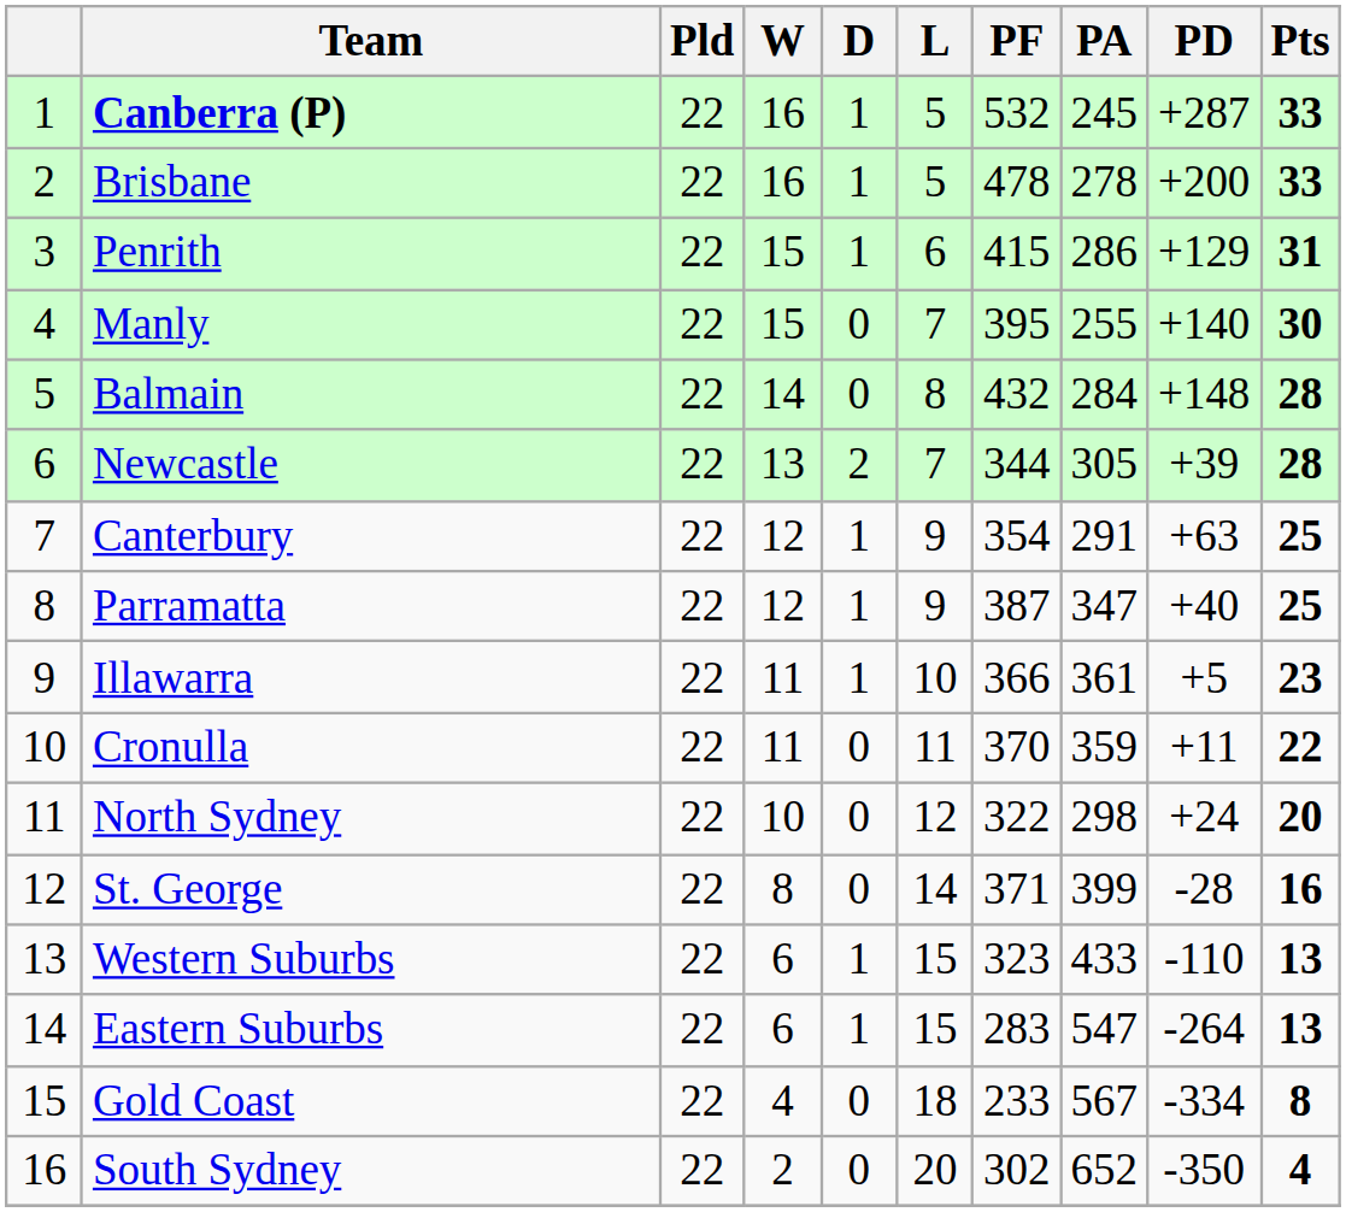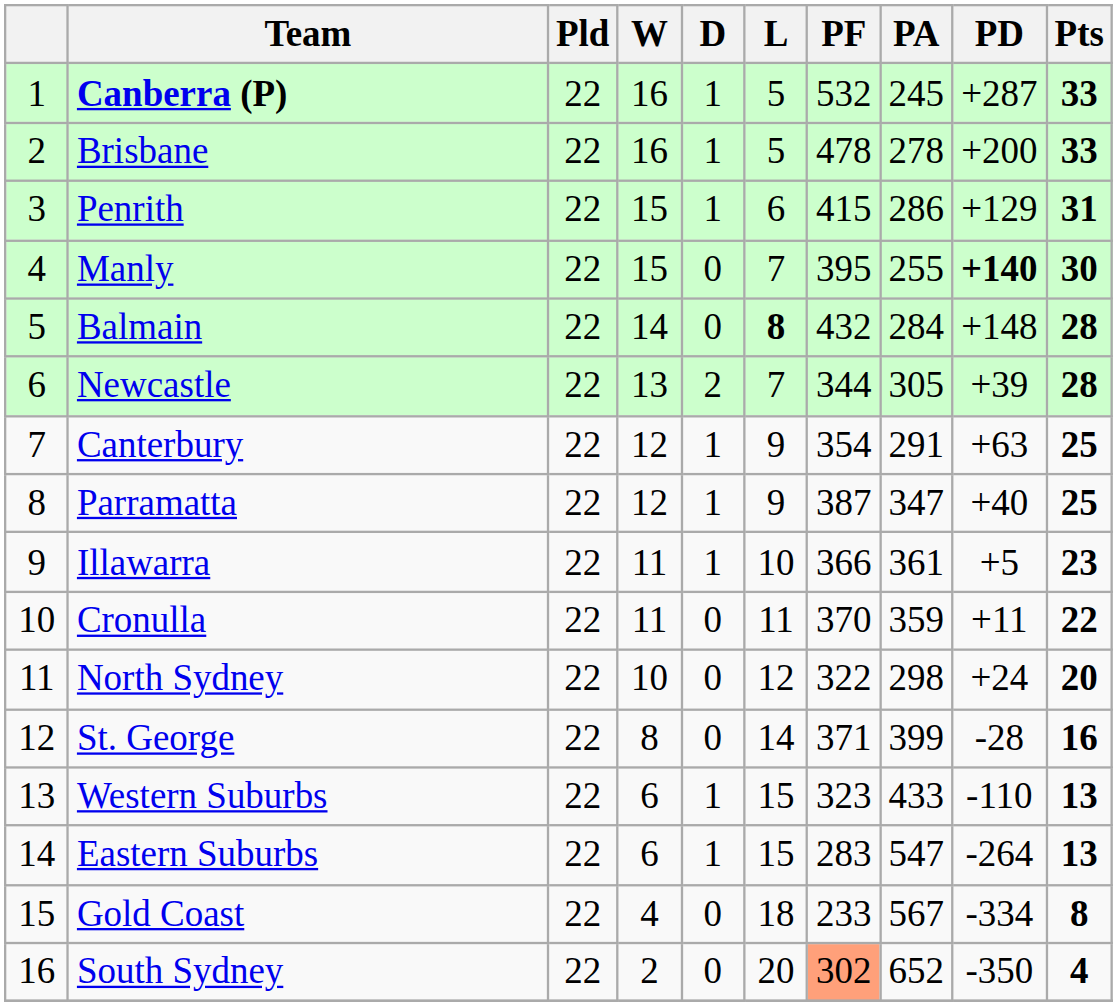 <table class="wikitable" style="text-align:center;">
 <tr>
 <th width=20 abbr="Position×"></th>
 <th width=200>Team</th>
 <th width=20 abbr="Played">Pld</th>
 <th width=20 abbr="Won">W</th>
 <th width=20 abbr="Drawn">D</th>
 <th width=20 abbr="Lost">L</th>
 <th width=20 abbr="Points for">PF</th>
 <th width=20 abbr="Points against">PA</th>
 <th width=20 abbr="Points difference">PD</th>
 <th width=20 abbr="Points">Pts</th>
 </tr>
 <tr style="background: #ccffcc;">
 <td>1</td>
 <td style="text-align:left;"> <strong><a href='#'>Canberra</a> (P)</strong></td>
 <td>22</td>
 <td>16</td>
 <td>1</td>
 <td>5</td>
 <td>532</td>
 <td>245</td>
 <td>+287</td>
 <td><strong>33</strong></td>
 </tr>
 <tr style="background: #ccffcc;">
 <td>2</td>
 <td style="text-align:left;"> <a href='#'>Brisbane</a></td>
 <td>22</td>
 <td>16</td>
 <td>1</td>
 <td>5</td>
 <td>478</td>
 <td>278</td>
 <td>+200</td>
 <td><strong>33</strong></td>
 </tr>
 <tr style="background: #ccffcc;">
 <td>3</td>
 <td style="text-align:left;"> <a href='#'>Penrith</a></td>
 <td>22</td>
 <td>15</td>
 <td>1</td>
 <td>6</td>
 <td>415</td>
 <td>286</td>
 <td>+129</td>
 <td><strong>31</strong></td>
 </tr>
 <tr style="background: #ccffcc;">
 <td>4</td>
 <td style="text-align:left;"> <a href='#'>Manly</a></td>
 <td>22</td>
 <td>15</td>
 <td>0</td>
 <td>7</td>
 <td>395</td>
 <td>255</td>
-<td>+140</td>
+<td><strong>+140</strong></td>
 <td><strong>30</strong></td>
 </tr>
 <tr style="background: #ccffcc;">
 <td>5</td>
 <td style="text-align:left;"> <a href='#'>Balmain</a></td>
 <td>22</td>
 <td>14</td>
 <td>0</td>
-<td>8</td>
+<td><strong>8</strong></td>
 <td>432</td>
 <td>284</td>
 <td>+148</td>
 <td><strong>28</strong></td>
 </tr>
 <tr style="background: #ccffcc;">
 <td>6</td>
 <td style="text-align:left;"> <a href='#'>Newcastle</a></td>
 <td>22</td>
 <td>13</td>
 <td>2</td>
 <td>7</td>
 <td>344</td>
 <td>305</td>
 <td>+39</td>
 <td><strong>28</strong></td>
 </tr>
 <tr>
 <td>7</td>
 <td style="text-align:left;"> <a href='#'>Canterbury</a></td>
 <td>22</td>
 <td>12</td>
 <td>1</td>
 <td>9</td>
 <td>354</td>
 <td>291</td>
 <td>+63</td>
 <td><strong>25</strong></td>
 </tr>
 <tr>
 <td>8</td>
 <td style="text-align:left;"> <a href='#'>Parramatta</a></td>
 <td>22</td>
 <td>12</td>
 <td>1</td>
 <td>9</td>
 <td>387</td>
 <td>347</td>
 <td>+40</td>
 <td><strong>25</strong></td>
 </tr>
 <tr>
 <td>9</td>
 <td style="text-align:left;"> <a href='#'>Illawarra</a></td>
 <td>22</td>
 <td>11</td>
 <td>1</td>
 <td>10</td>
 <td>366</td>
 <td>361</td>
 <td>+5</td>
 <td><strong>23</strong></td>
 </tr>
 <tr>
 <td>10</td>
 <td style="text-align:left;"> <a href='#'>Cronulla</a></td>
 <td>22</td>
 <td>11</td>
 <td>0</td>
 <td>11</td>
 <td>370</td>
 <td>359</td>
 <td>+11</td>
 <td><strong>22</strong></td>
 </tr>
 <tr>
 <td>11</td>
 <td style="text-align:left;"> <a href='#'>North Sydney</a></td>
 <td>22</td>
 <td>10</td>
 <td>0</td>
 <td>12</td>
 <td>322</td>
 <td>298</td>
 <td>+24</td>
 <td><strong>20</strong></td>
 </tr>
 <tr>
 <td>12</td>
 <td style="text-align:left;"> <a href='#'>St. George</a></td>
 <td>22</td>
 <td>8</td>
 <td>0</td>
 <td>14</td>
 <td>371</td>
 <td>399</td>
 <td>-28</td>
 <td><strong>16</strong></td>
 </tr>
 <tr>
 <td>13</td>
 <td style="text-align:left;"> <a href='#'>Western Suburbs</a></td>
 <td>22</td>
 <td>6</td>
 <td>1</td>
 <td>15</td>
 <td>323</td>
 <td>433</td>
 <td>-110</td>
 <td><strong>13</strong></td>
 </tr>
 <tr>
 <td>14</td>
 <td style="text-align:left;"> <a href='#'>Eastern Suburbs</a></td>
 <td>22</td>
 <td>6</td>
 <td>1</td>
 <td>15</td>
 <td>283</td>
 <td>547</td>
 <td>-264</td>
 <td><strong>13</strong></td>
 </tr>
 <tr>
 <td>15</td>
 <td style="text-align:left;"> <a href='#'>Gold Coast</a></td>
 <td>22</td>
 <td>4</td>
 <td>0</td>
 <td>18</td>
 <td>233</td>
 <td>567</td>
 <td>-334</td>
 <td><strong>8</strong></td>
 </tr>
 <tr>
 <td>16</td>
 <td style="text-align:left;"> <a href='#'>South Sydney</a></td>
 <td>22</td>
 <td>2</td>
 <td>0</td>
 <td>20</td>
-<td>302</td>
+<td style="background: lightsalmon;">302</td>
 <td>652</td>
 <td>-350</td>
 <td><strong>4</strong></td>
 </tr>
 <tr>
 </tr>
 </table>
